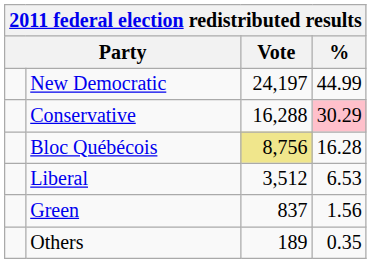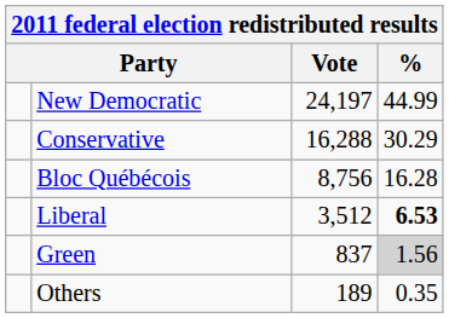 <table class="wikitable">
 <tr>
 <th colspan="4"><a href='#'>2011 federal election</a> redistributed results</th>
 </tr>
 <tr>
 <th bgcolor="#DDDDFF" width="130px" colspan="2">Party</th>
 <th bgcolor="#DDDDFF" width="50px">Vote</th>
 <th bgcolor="#DDDDFF" width="30px">%</th>
 </tr>
 <tr>
 <td> </td>
 <td><a href='#'>New Democratic</a></td>
 <td align=right>24,197</td>
 <td align=right>44.99</td>
 </tr>
 <tr>
 <td> </td>
 <td><a href='#'>Conservative</a></td>
 <td align=right>16,288</td>
-<td align=right style="background: pink;">30.29</td>
+<td align=right>30.29</td>
 </tr>
 <tr>
 <td> </td>
 <td><a href='#'>Bloc Québécois</a></td>
-<td align=right style="background: khaki;">8,756</td>
+<td align=right>8,756</td>
 <td align=right>16.28</td>
 </tr>
 <tr>
 <td> </td>
 <td><a href='#'>Liberal</a></td>
 <td align=right>3,512</td>
-<td align=right>6.53</td>
+<td align=right><strong>6.53</strong></td>
 </tr>
 <tr>
 <td> </td>
 <td><a href='#'>Green</a></td>
 <td align=right>837</td>
-<td align=right>1.56</td>
+<td align=right style="background: lightgrey;">1.56</td>
 </tr>
 <tr>
 <td> </td>
 <td>Others</td>
 <td align=right>189</td>
 <td align=right>0.35</td>
 </tr>
 </table>
